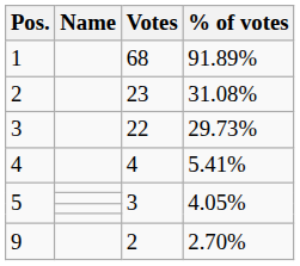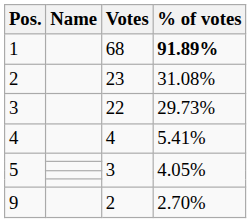 <table class="wikitable sortable">
 <tr>
 <th>Pos.</th>
 <th>Name</th>
 <th>Votes</th>
 <th>% of votes</th>
 </tr>
 <tr>
 <td>1</td>
 <td></td>
 <td>68</td>
-<td>91.89%</td>
+<td><strong>91.89%</strong></td>
 </tr>
 <tr>
 <td>2</td>
 <td></td>
 <td>23</td>
 <td>31.08%</td>
 </tr>
 <tr>
 <td>3</td>
 <td></td>
 <td>22</td>
 <td>29.73%</td>
 </tr>
 <tr>
 <td>4</td>
 <td></td>
 <td>4</td>
 <td>5.41%</td>
 </tr>
 <tr>
 <td rowspan="4">5</td>
 <td></td>
 <td rowspan="4">3</td>
 <td rowspan="4">4.05%</td>
 </tr>
 <tr>
 <td></td>
 </tr>
 <tr>
 <td></td>
 </tr>
 <tr>
 <td></td>
 </tr>
 <tr>
 <td>9</td>
 <td></td>
 <td>2</td>
 <td>2.70%</td>
 </tr>
 </table>
